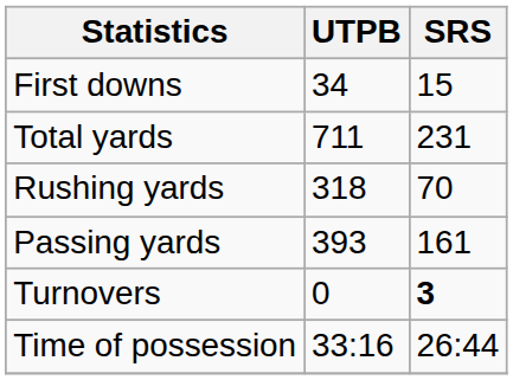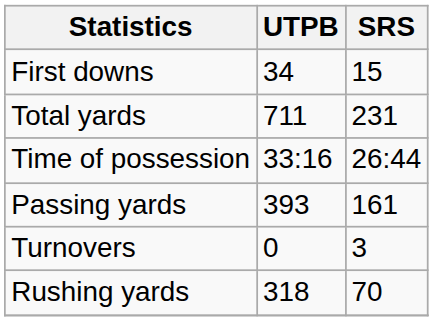 <table class="wikitable" style="float: left;">
 <tr>
 <th>Statistics</th>
 <th>UTPB</th>
 <th>SRS</th>
 </tr>
 <tr>
 <td>First downs</td>
 <td>34</td>
 <td>15</td>
 </tr>
 <tr>
 <td>Total yards</td>
 <td>711</td>
 <td>231</td>
 </tr>
 <tr>
-<td>Rushing yards</td>
-<td>318</td>
-<td>70</td>
+<td>Time of possession</td>
+<td>33:16</td>
+<td>26:44</td>
 </tr>
 <tr>
 <td>Passing yards</td>
 <td>393</td>
 <td>161</td>
 </tr>
 <tr>
 <td>Turnovers</td>
 <td>0</td>
-<td><strong>3</strong></td>
+<td>3</td>
 </tr>
 <tr>
-<td>Time of possession</td>
-<td>33:16</td>
-<td>26:44</td>
+<td>Rushing yards</td>
+<td>318</td>
+<td>70</td>
 </tr>
 <tr>
 </tr>
 </table>
